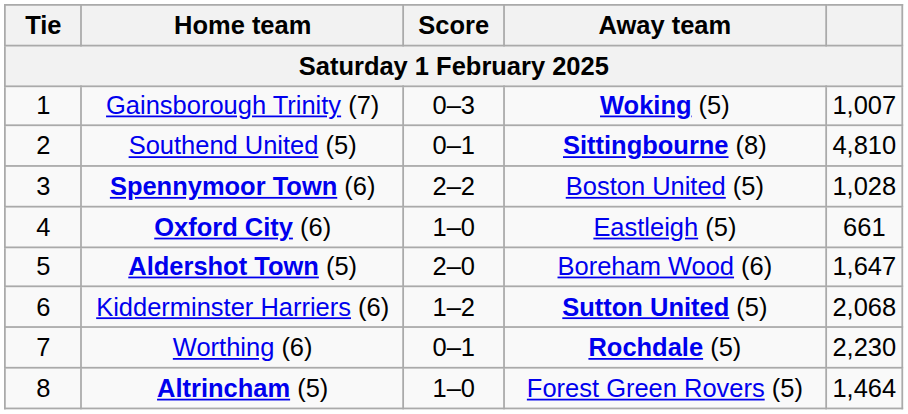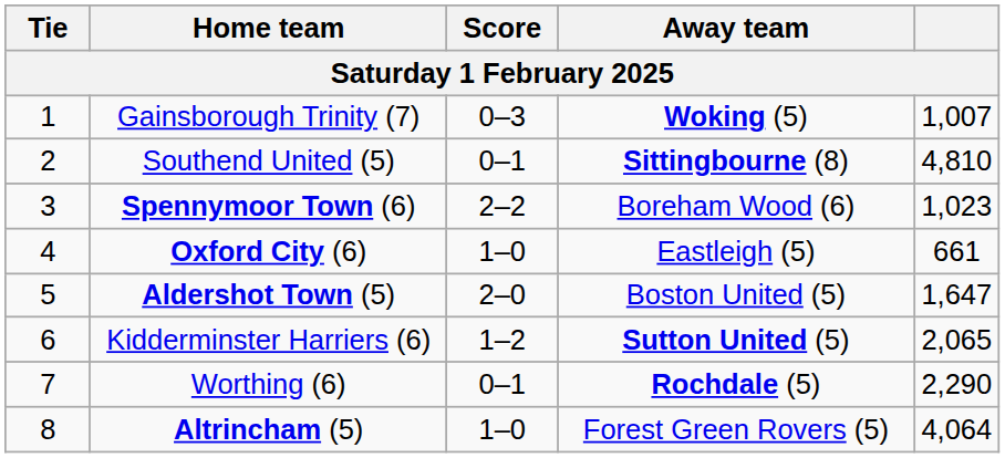 <table class="wikitable" style="text-align:center; font-size:90%">
 <tr>
 <th scope="col" style="width:  8.43%;">Tie</th>
 <th scope="col" style="width: 35.29%;">Home team</th>
 <th scope="col" style="width: 11.00%;">Score</th>
 <th scope="col" style="width: 35.29%;">Away team</th>
 <th scope="col" style="width:  8.43%;"></th>
 </tr>
 <tr>
 <th colspan="5"><strong>Saturday 1 February 2025</strong></th>
 </tr>
 <tr>
 <td>1</td>
 <td><a href='#'>Gainsborough Trinity</a> (7)</td>
 <td>0–3</td>
 <td><strong><a href='#'>Woking</a></strong> (5)</td>
 <td>1,007</td>
 </tr>
 <tr>
 <td>2</td>
 <td><a href='#'>Southend United</a> (5)</td>
 <td>0–1</td>
 <td><strong><a href='#'>Sittingbourne</a></strong> (8)</td>
 <td>4,810</td>
 </tr>
 <tr>
 <td>3</td>
 <td><strong><a href='#'>Spennymoor Town</a></strong> (6)</td>
 <td>2–2 </td>
-<td><a href='#'>Boston United</a> (5)</td>
-<td>1,028</td>
+<td><a href='#'>Boreham Wood</a> (6)</td>
+<td>1,023</td>
 </tr>
 <tr>
 <td>4</td>
 <td><strong><a href='#'>Oxford City</a></strong> (6)</td>
 <td>1–0</td>
 <td><a href='#'>Eastleigh</a> (5)</td>
 <td>661</td>
 </tr>
 <tr>
 <td>5</td>
 <td><strong><a href='#'>Aldershot Town</a></strong> (5)</td>
 <td>2–0</td>
-<td><a href='#'>Boreham Wood</a> (6)</td>
+<td><a href='#'>Boston United</a> (5)</td>
 <td>1,647</td>
 </tr>
 <tr>
 <td>6</td>
 <td><a href='#'>Kidderminster Harriers</a> (6)</td>
 <td>1–2</td>
 <td><strong><a href='#'>Sutton United</a></strong> (5)</td>
-<td>2,068</td>
+<td>2,065</td>
 </tr>
 <tr>
 <td>7</td>
 <td><a href='#'>Worthing</a> (6)</td>
 <td>0–1</td>
 <td><strong><a href='#'>Rochdale</a></strong> (5)</td>
-<td>2,230</td>
+<td>2,290</td>
 </tr>
 <tr>
 <td>8</td>
 <td><strong><a href='#'>Altrincham</a></strong> (5)</td>
 <td>1–0</td>
 <td><a href='#'>Forest Green Rovers</a> (5)</td>
-<td>1,464</td>
+<td>4,064</td>
 </tr>
 </table>
